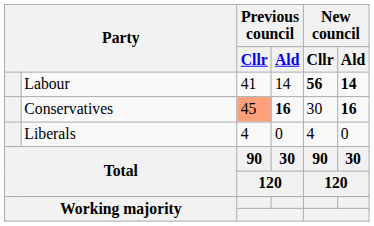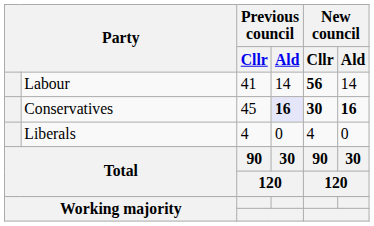 <table class="wikitable">
 <tr>
 <th colspan="2" rowspan="2" style="width: 230px">Party</th>
 <th valign=top colspan="2" style="width: 30px">Previous council</th>
 <th valign=top colspan="2" style="width: 30px">New council</th>
 </tr>
 <tr>
 <th><a href='#'>Cllr</a></th>
 <th><a href='#'>Ald</a></th>
 <th>Cllr</th>
 <th>Ald</th>
 </tr>
 <tr>
 <th style="background-color: "></th>
 <td>Labour</td>
 <td>41</td>
 <td>14</td>
 <td><strong>56</strong></td>
-<td><strong>14</strong></td>
+<td>14</td>
 </tr>
 <tr>
 <th style="background-color: "></th>
 <td>Conservatives</td>
-<td style="background: lightsalmon;">45</td>
-<td><strong>16</strong></td>
-<td>30</td>
+<td>45</td>
+<td style="background: lavender;"><strong>16</strong></td>
+<td><strong>30</strong></td>
 <td><strong>16</strong></td>
 </tr>
 <tr>
 <th style="background-color: "></th>
 <td>Liberals</td>
 <td>4</td>
 <td>0</td>
 <td>4</td>
 <td>0</td>
 </tr>
 <tr>
 <th colspan="2" rowspan="2">Total</th>
 <th style="text-align: center">90</th>
 <th style="text-align: center">30</th>
 <th style="text-align: center">90</th>
 <th style="text-align: center">30</th>
 </tr>
 <tr>
 <th colspan="2" style="text-align: center">120</th>
 <th colspan="2" style="text-align: center">120</th>
 </tr>
 <tr>
 <th colspan="2" rowspan="2">Working majority</th>
 <th></th>
 <th></th>
 <th></th>
 <th></th>
 </tr>
 <tr>
 <th colspan="2"></th>
 <th colspan="2"></th>
 </tr>
 </table>
